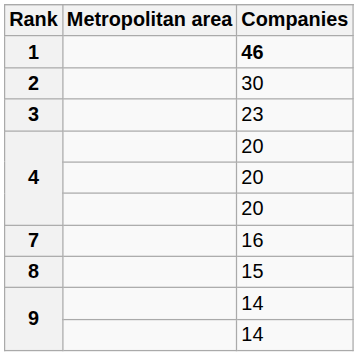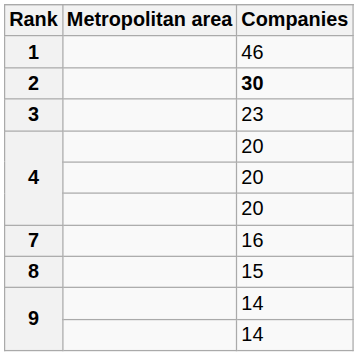 <table class="wikitable sortable plainrowheaders">
 <tr>
 </tr>
 <tr>
 <th scope="col">Rank</th>
 <th scope="col">Metropolitan area</th>
 <th scope="col">Companies</th>
 </tr>
 <tr>
 <th scope="row">1</th>
 <td></td>
-<td><strong>46</strong></td>
+<td>46</td>
 </tr>
 <tr>
 <th scope="row">2</th>
 <td></td>
-<td>30</td>
+<td><strong>30</strong></td>
 </tr>
 <tr>
 <th scope="row">3</th>
 <td></td>
 <td>23</td>
 </tr>
 <tr>
 <th scope="row" rowspan="3">4</th>
 <td></td>
 <td>20</td>
 </tr>
 <tr>
 <td></td>
 <td>20</td>
 </tr>
 <tr>
 <td></td>
 <td>20</td>
 </tr>
 <tr>
 <th scope="row">7</th>
 <td></td>
 <td>16</td>
 </tr>
 <tr>
 <th scope="row">8</th>
 <td></td>
 <td>15</td>
 </tr>
 <tr>
 <th scope="row" rowspan="2">9</th>
 <td></td>
 <td>14</td>
 </tr>
 <tr>
 <td></td>
 <td>14</td>
 </tr>
 </table>
